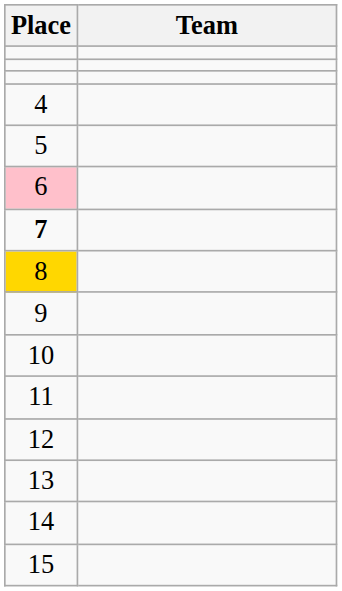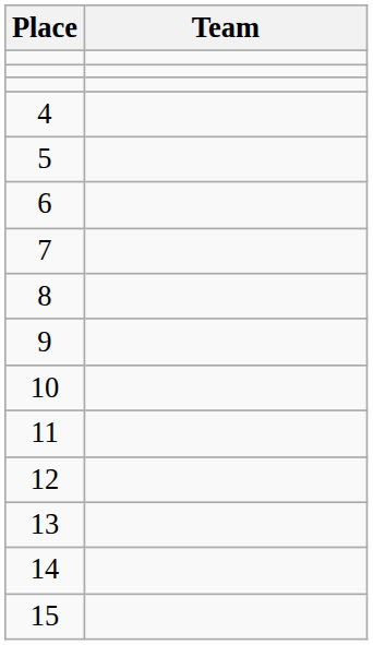 <table class="wikitable" style="text-align:center;">
 <tr>
 <th width=30>Place</th>
 <th width=150>Team</th>
 </tr>
 <tr>
 <td></td>
 <td align="left"></td>
 </tr>
 <tr>
 <td></td>
 <td align="left"></td>
 </tr>
 <tr>
 <td></td>
 <td align="left"></td>
 </tr>
 <tr>
 <td>4</td>
 <td align="left"></td>
 </tr>
 <tr>
 <td>5</td>
 <td align="left"></td>
 </tr>
 <tr>
-<td style="background: pink;">6</td>
+<td>6</td>
 <td align="left"></td>
 </tr>
 <tr>
-<td><strong>7</strong></td>
+<td>7</td>
 <td align="left"></td>
 </tr>
 <tr>
-<td style="background: gold;">8</td>
+<td>8</td>
 <td align="left"></td>
 </tr>
 <tr>
 <td>9</td>
 <td align="left"></td>
 </tr>
 <tr>
 <td>10</td>
 <td align="left"></td>
 </tr>
 <tr>
 <td>11</td>
 <td align="left"></td>
 </tr>
 <tr>
 <td>12</td>
 <td align="left"></td>
 </tr>
 <tr>
 <td>13</td>
 <td align="left"></td>
 </tr>
 <tr>
 <td>14</td>
 <td align="left"></td>
 </tr>
 <tr>
 <td>15</td>
 <td align="left"></td>
 </tr>
 </table>
